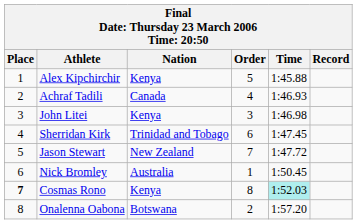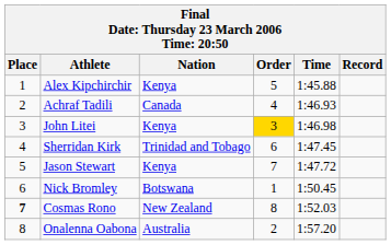 <table class="wikitable">
 <tr>
 <th colspan=7>Final <br> Date: Thursday 23 March 2006 <br> Time: 20:50</th>
 </tr>
 <tr>
 <th>Place</th>
 <th>Athlete</th>
 <th>Nation</th>
 <th>Order</th>
 <th>Time</th>
 <th>Record</th>
 </tr>
 <tr>
 <td align="center">1</td>
 <td align="left"><a href='#'>Alex Kipchirchir</a></td>
 <td align="left"> <a href='#'>Kenya</a></td>
 <td align="center">5</td>
 <td align="center">1:45.88</td>
 <td align="center"></td>
 </tr>
 <tr>
 <td align="center">2</td>
 <td align="left"><a href='#'>Achraf Tadili</a></td>
 <td align="left"> <a href='#'>Canada</a></td>
 <td align="center">4</td>
 <td align="center">1:46.93</td>
 <td align="center"></td>
 </tr>
 <tr>
 <td align="center">3</td>
 <td align="left"><a href='#'>John Litei</a></td>
 <td align="left"> <a href='#'>Kenya</a></td>
-<td align="center">3</td>
+<td align="center" style="background: gold;">3</td>
 <td align="center">1:46.98</td>
 <td align="center"></td>
 </tr>
 <tr>
 <td align="center">4</td>
 <td align="left"><a href='#'>Sherridan Kirk</a></td>
 <td align="left"> <a href='#'>Trinidad and Tobago</a></td>
 <td align="center">6</td>
 <td align="center">1:47.45</td>
 <td align="center"></td>
 </tr>
 <tr>
 <td align="center">5</td>
 <td align="left"><a href='#'>Jason Stewart</a></td>
-<td align="left"> <a href='#'>New Zealand</a></td>
+<td align="left"> <a href='#'>Kenya</a></td>
 <td align="center">7</td>
 <td align="center">1:47.72</td>
 <td align="center"></td>
 </tr>
 <tr>
 <td align="center">6</td>
 <td align="left"><a href='#'>Nick Bromley</a></td>
-<td align="left"> <a href='#'>Australia</a></td>
+<td align="left"> <a href='#'>Botswana</a></td>
 <td align="center">1</td>
 <td align="center">1:50.45</td>
 <td align="center"></td>
 </tr>
 <tr>
 <td align="center"><strong>7</strong></td>
 <td align="left"><a href='#'>Cosmas Rono</a></td>
-<td align="left"> <a href='#'>Kenya</a></td>
+<td align="left"> <a href='#'>New Zealand</a></td>
 <td align="center">8</td>
-<td align="center" style="background: paleturquoise;">1:52.03</td>
+<td align="center">1:52.03</td>
 <td align="center"></td>
 </tr>
 <tr>
 <td align="center">8</td>
 <td align="left"><a href='#'>Onalenna Oabona</a></td>
-<td align="left"> <a href='#'>Botswana</a></td>
+<td align="left"> <a href='#'>Australia</a></td>
 <td align="center">2</td>
 <td align="center">1:57.20</td>
 <td align="center"></td>
 </tr>
 </table>
